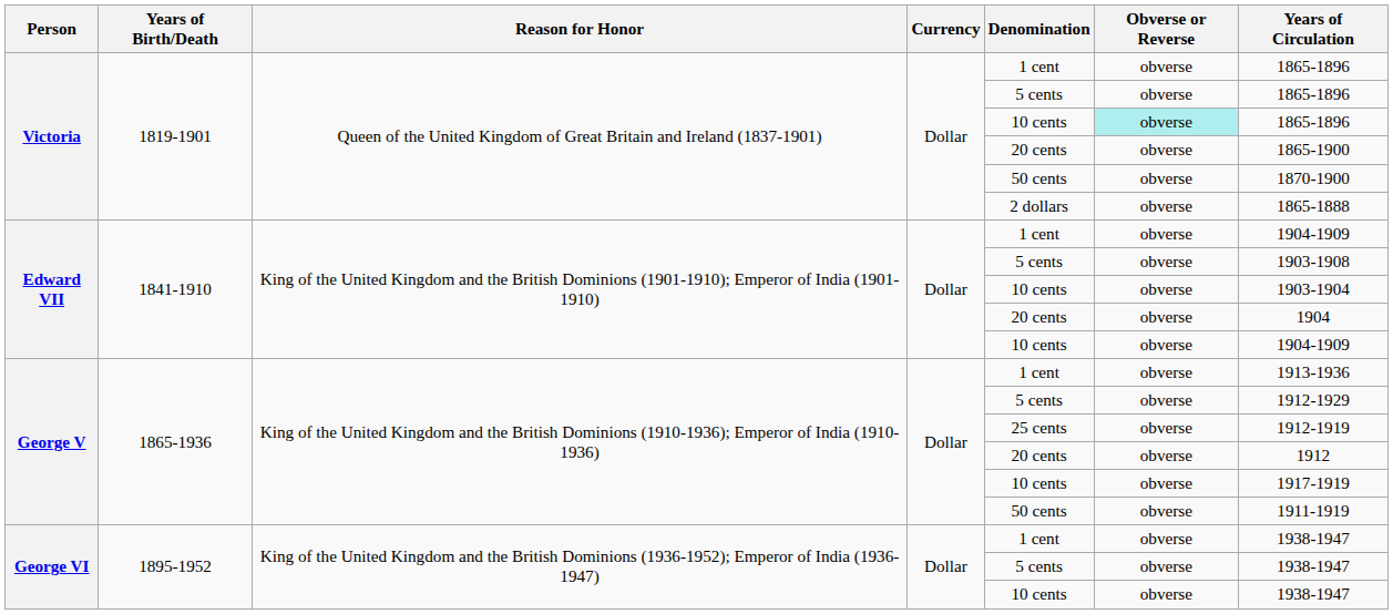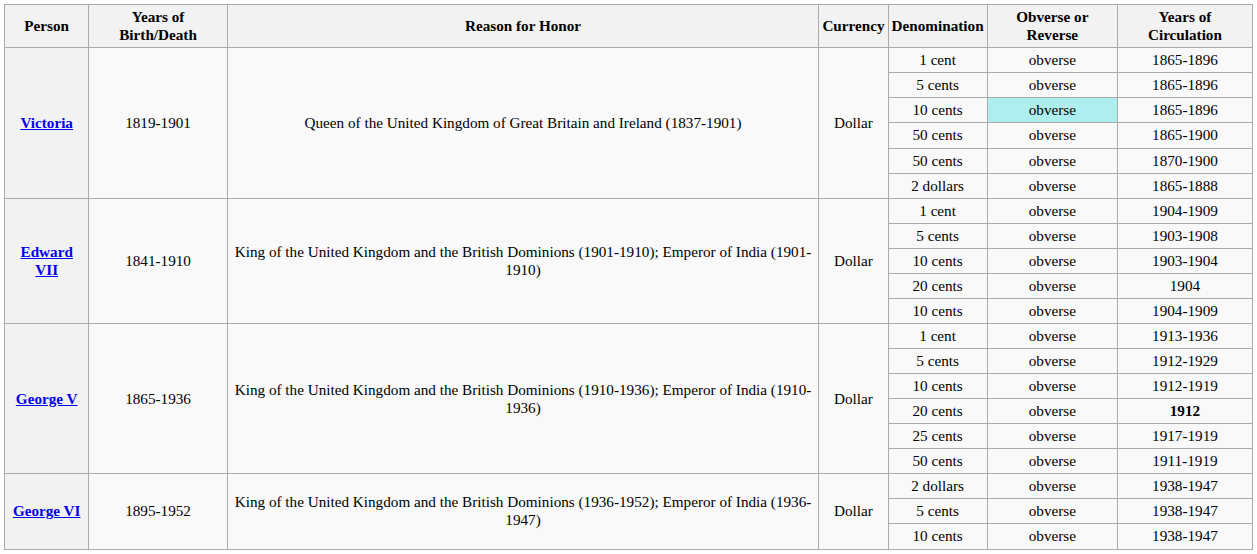 <table class="wikitable" style="font-size:95%; text-align:center;">
 <tr>
 <th>Person</th>
 <th>Years of Birth/Death</th>
 <th>Reason for Honor</th>
 <th>Currency</th>
 <th>Denomination</th>
 <th>Obverse or Reverse</th>
 <th>Years of Circulation</th>
 </tr>
 <tr>
 <th rowspan="6"><a href='#'>Victoria</a></th>
 <td rowspan="6">1819-1901</td>
 <td rowspan="6">Queen of the United Kingdom of Great Britain and Ireland (1837-1901)</td>
 <td rowspan="6">Dollar</td>
 <td>1 cent</td>
 <td>obverse</td>
 <td>1865-1896</td>
 </tr>
 <tr>
 <td>5 cents</td>
 <td>obverse</td>
 <td>1865-1896</td>
 </tr>
 <tr>
 <td>10 cents</td>
 <td style="background: paleturquoise;">obverse</td>
 <td>1865-1896</td>
 </tr>
 <tr>
-<td>20 cents</td>
+<td>50 cents</td>
 <td>obverse</td>
 <td>1865-1900</td>
 </tr>
 <tr>
 <td>50 cents</td>
 <td>obverse</td>
 <td>1870-1900</td>
 </tr>
 <tr>
 <td>2 dollars</td>
 <td>obverse</td>
 <td>1865-1888</td>
 </tr>
 <tr>
 <th rowspan="5"><a href='#'>Edward VII</a></th>
 <td rowspan="5">1841-1910</td>
 <td rowspan="5">King of the United Kingdom and the British Dominions (1901-1910); Emperor of India (1901-1910)</td>
 <td rowspan="5">Dollar</td>
 <td>1 cent</td>
 <td>obverse</td>
 <td>1904-1909</td>
 </tr>
 <tr>
 <td>5 cents</td>
 <td>obverse</td>
 <td>1903-1908</td>
 </tr>
 <tr>
 <td>10 cents</td>
 <td>obverse</td>
 <td>1903-1904</td>
 </tr>
 <tr>
 <td>20 cents</td>
 <td>obverse</td>
 <td>1904</td>
 </tr>
 <tr>
 <td>10 cents</td>
 <td>obverse</td>
 <td>1904-1909</td>
 </tr>
 <tr>
 <th rowspan="6"><a href='#'>George V</a></th>
 <td rowspan="6">1865-1936</td>
 <td rowspan="6">King of the United Kingdom and the British Dominions (1910-1936); Emperor of India (1910-1936)</td>
 <td rowspan="6">Dollar</td>
 <td>1 cent</td>
 <td>obverse</td>
 <td>1913-1936</td>
 </tr>
 <tr>
 <td>5 cents</td>
 <td>obverse</td>
 <td>1912-1929</td>
 </tr>
 <tr>
-<td>25 cents</td>
+<td>10 cents</td>
 <td>obverse</td>
 <td>1912-1919</td>
 </tr>
 <tr>
 <td>20 cents</td>
 <td>obverse</td>
-<td>1912</td>
+<td><strong>1912</strong></td>
 </tr>
 <tr>
-<td>10 cents</td>
+<td>25 cents</td>
 <td>obverse</td>
 <td>1917-1919</td>
 </tr>
 <tr>
 <td>50 cents</td>
 <td>obverse</td>
 <td>1911-1919</td>
 </tr>
 <tr>
 <th rowspan="3"><a href='#'>George VI</a></th>
 <td rowspan="3">1895-1952</td>
 <td rowspan="3">King of the United Kingdom and the British Dominions (1936-1952); Emperor of India (1936-1947)</td>
 <td rowspan="3">Dollar</td>
-<td>1 cent</td>
+<td>2 dollars</td>
 <td>obverse</td>
 <td>1938-1947</td>
 </tr>
 <tr>
 <td>5 cents</td>
 <td>obverse</td>
 <td>1938-1947</td>
 </tr>
 <tr>
 <td>10 cents</td>
 <td>obverse</td>
 <td>1938-1947</td>
 </tr>
 <tr>
 </tr>
 </table>
